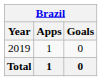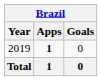 <table class="wikitable" style="text-align:center">
 <tr>
 <th colspan=3><a href='#'>Brazil</a></th>
 </tr>
 <tr>
 <th>Year</th>
 <th>Apps</th>
 <th>Goals</th>
 </tr>
 <tr>
 <td>2019</td>
-<td>1</td>
+<td><strong>1</strong></td>
 <td>0</td>
 </tr>
 <tr>
 <th>Total</th>
 <th>1</th>
 <th>0</th>
 </tr>
 </table>
